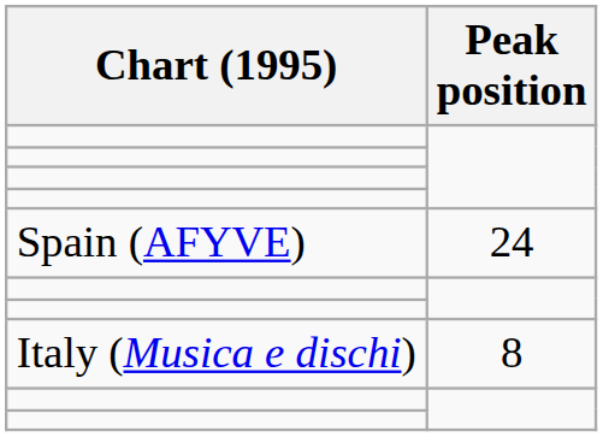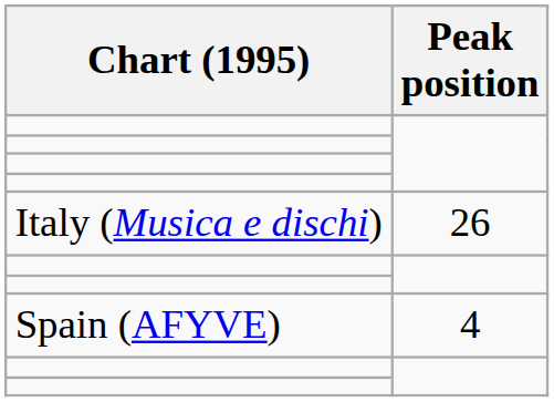 <table class="wikitable sortable">
 <tr>
 <th>Chart (1995)</th>
 <th>Peak<br>position</th>
 </tr>
 <tr>
 <td></td>
 </tr>
 <tr>
 <td></td>
 </tr>
 <tr>
 <td></td>
 </tr>
 <tr>
 <td></td>
 </tr>
 <tr>
-<td>Spain (<a href='#'>AFYVE</a>)</td>
-<td align="center">24</td>
+<td>Italy (<em><a href='#'>Musica e dischi</a></em>)</td>
+<td align="center">26</td>
 </tr>
 <tr>
 <td></td>
 </tr>
 <tr>
 <td></td>
 </tr>
 <tr>
-<td>Italy (<em><a href='#'>Musica e dischi</a></em>)</td>
-<td align="center">8</td>
+<td>Spain (<a href='#'>AFYVE</a>)</td>
+<td align="center">4</td>
 </tr>
 <tr>
 <td></td>
 </tr>
 <tr>
 <td></td>
 </tr>
 </table>
